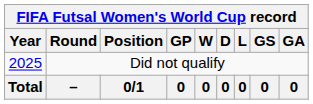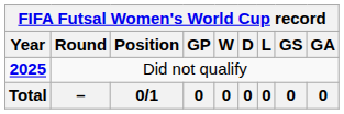 <table class="wikitable" style="text-align: center;font-size:90%;">
 <tr>
 <th colspan=9><a href='#'>FIFA Futsal Women's World Cup</a> record</th>
 </tr>
 <tr>
 <th>Year</th>
 <th>Round</th>
 <th>Position</th>
 <th>GP</th>
 <th>W</th>
 <th>D</th>
 <th>L</th>
 <th>GS</th>
 <th>GA</th>
 </tr>
 <tr>
-<td> <a href='#'>2025</a></td>
+<td><strong> <a href='#'>2025</a></strong></td>
 <td colspan=8>Did not qualify</td>
 </tr>
 <tr>
 <th><strong>Total</strong></th>
 <th>–</th>
 <th><strong>0/1</strong></th>
 <th><strong>0</strong></th>
 <th><strong>0</strong></th>
 <th><strong>0</strong></th>
 <th><strong>0</strong></th>
 <th><strong>0</strong></th>
 <th><strong>0</strong></th>
 </tr>
 </table>
